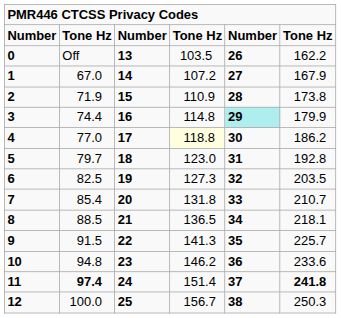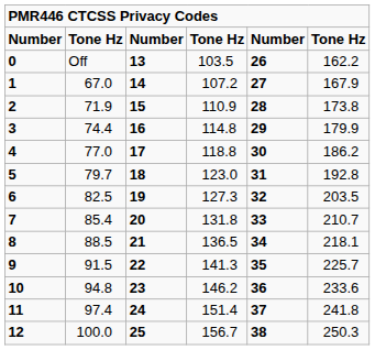 <table class="wikitable">
 <tr>
 <td colspan="6"><strong>PMR446 CTCSS Privacy Codes</strong></td>
 </tr>
 <tr>
 <td><strong>Number</strong></td>
 <td><strong>Tone Hz</strong></td>
 <td><strong>Number</strong></td>
 <td><strong>Tone Hz</strong></td>
 <td><strong>Number</strong></td>
 <td><strong>Tone Hz</strong></td>
 </tr>
 <tr>
 <td><strong>0</strong></td>
 <td>Off</td>
 <td><strong>13</strong></td>
 <td>    103.5</td>
 <td><strong>26</strong></td>
 <td>   162.2</td>
 </tr>
 <tr>
 <td><strong>1</strong></td>
 <td>      67.0</td>
 <td><strong>14</strong></td>
 <td>   107.2</td>
 <td><strong>27</strong></td>
 <td>   167.9</td>
 </tr>
 <tr>
 <td><strong>2</strong></td>
 <td>      71.9</td>
 <td><strong>15</strong></td>
 <td>   110.9</td>
 <td><strong>28</strong></td>
 <td>   173.8</td>
 </tr>
 <tr>
 <td><strong>3</strong></td>
 <td>      74.4</td>
 <td><strong>16</strong></td>
 <td>   114.8</td>
-<td style="background: paleturquoise;"><strong>29</strong></td>
+<td><strong>29</strong></td>
 <td>   179.9</td>
 </tr>
 <tr>
 <td><strong>4</strong></td>
 <td>      77.0</td>
 <td><strong>17</strong></td>
-<td style="background: lightyellow;">   118.8</td>
+<td>   118.8</td>
 <td><strong>30</strong></td>
 <td>   186.2</td>
 </tr>
 <tr>
 <td><strong>5</strong></td>
 <td>      79.7</td>
 <td><strong>18</strong></td>
 <td>   123.0</td>
 <td><strong>31</strong></td>
 <td>   192.8</td>
 </tr>
 <tr>
 <td><strong>6</strong></td>
 <td>      82.5</td>
 <td><strong>19</strong></td>
 <td>   127.3</td>
 <td><strong>32</strong></td>
 <td>   203.5</td>
 </tr>
 <tr>
 <td><strong>7</strong></td>
 <td>      85.4</td>
 <td><strong>20</strong></td>
 <td>   131.8</td>
 <td><strong>33</strong></td>
 <td>   210.7</td>
 </tr>
 <tr>
 <td><strong>8</strong></td>
 <td>      88.5</td>
 <td><strong>21</strong></td>
 <td>   136.5</td>
 <td><strong>34</strong></td>
 <td>   218.1</td>
 </tr>
 <tr>
 <td><strong>9</strong></td>
 <td>      91.5</td>
 <td><strong>22</strong></td>
 <td>   141.3</td>
 <td><strong>35</strong></td>
 <td>   225.7</td>
 </tr>
 <tr>
 <td><strong>10</strong></td>
 <td>      94.8</td>
 <td><strong>23</strong></td>
 <td>   146.2</td>
 <td><strong>36</strong></td>
 <td>   233.6</td>
 </tr>
 <tr>
 <td><strong>11</strong></td>
-<td><strong>      97.4</strong></td>
+<td>      97.4</td>
 <td><strong>24</strong></td>
 <td>   151.4</td>
 <td><strong>37</strong></td>
-<td><strong>   241.8</strong></td>
+<td>   241.8</td>
 </tr>
 <tr>
 <td><strong>12</strong></td>
 <td>    100.0</td>
 <td><strong>25</strong></td>
 <td>   156.7</td>
 <td><strong>38</strong></td>
 <td>   250.3</td>
 </tr>
 </table>
